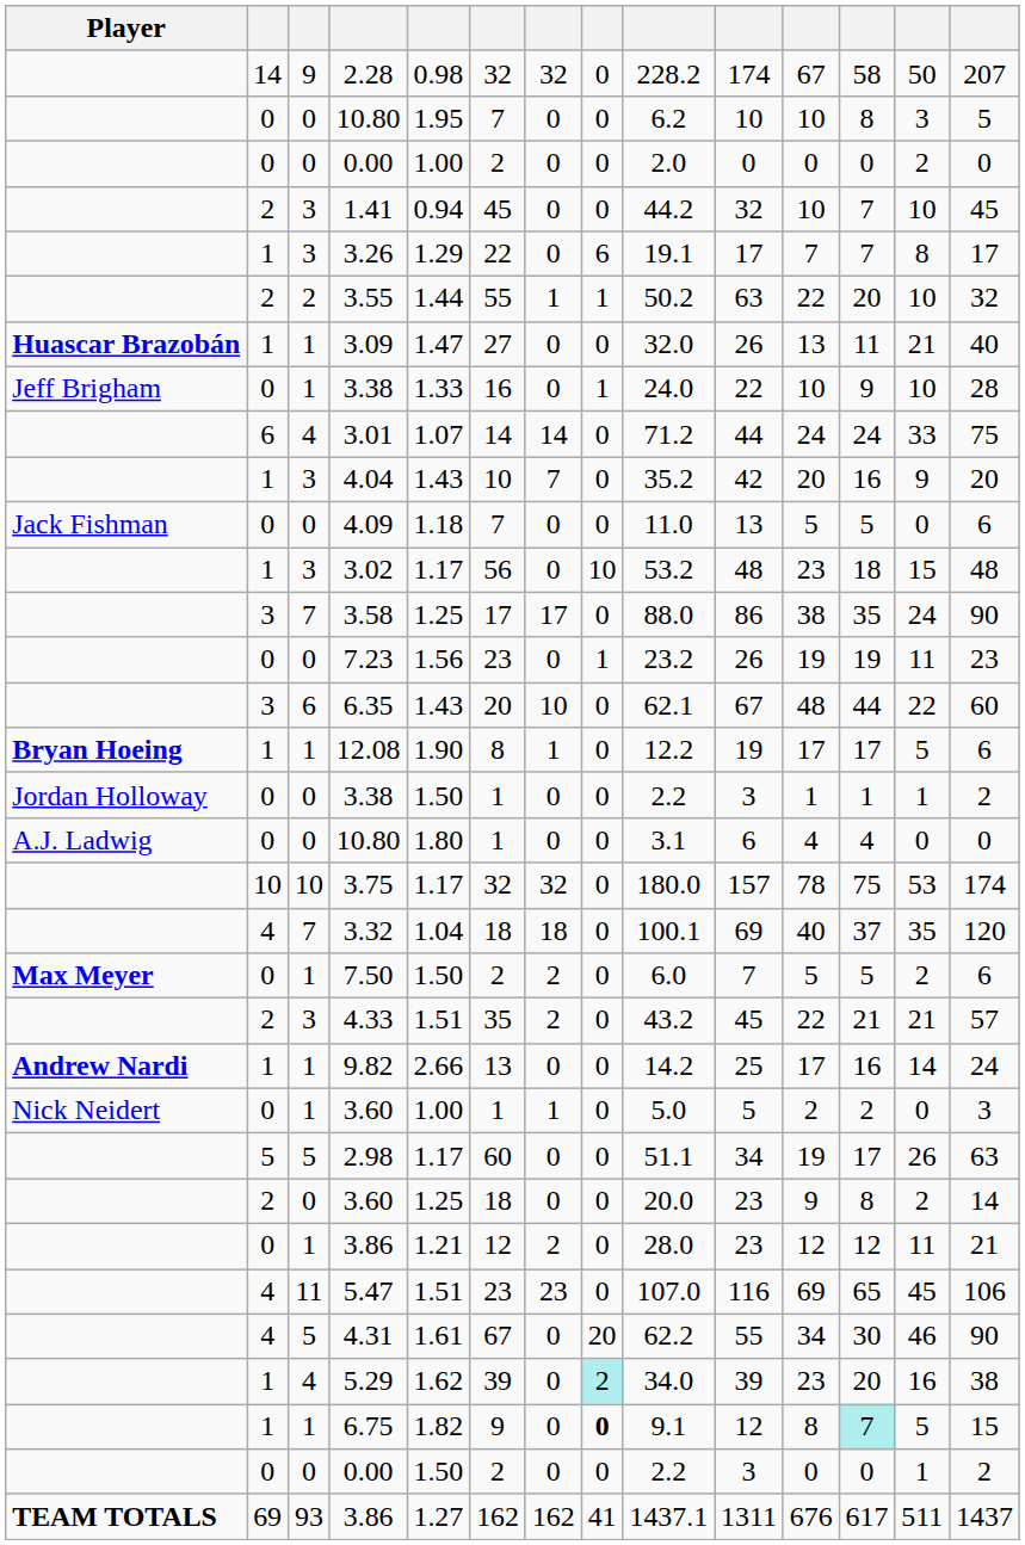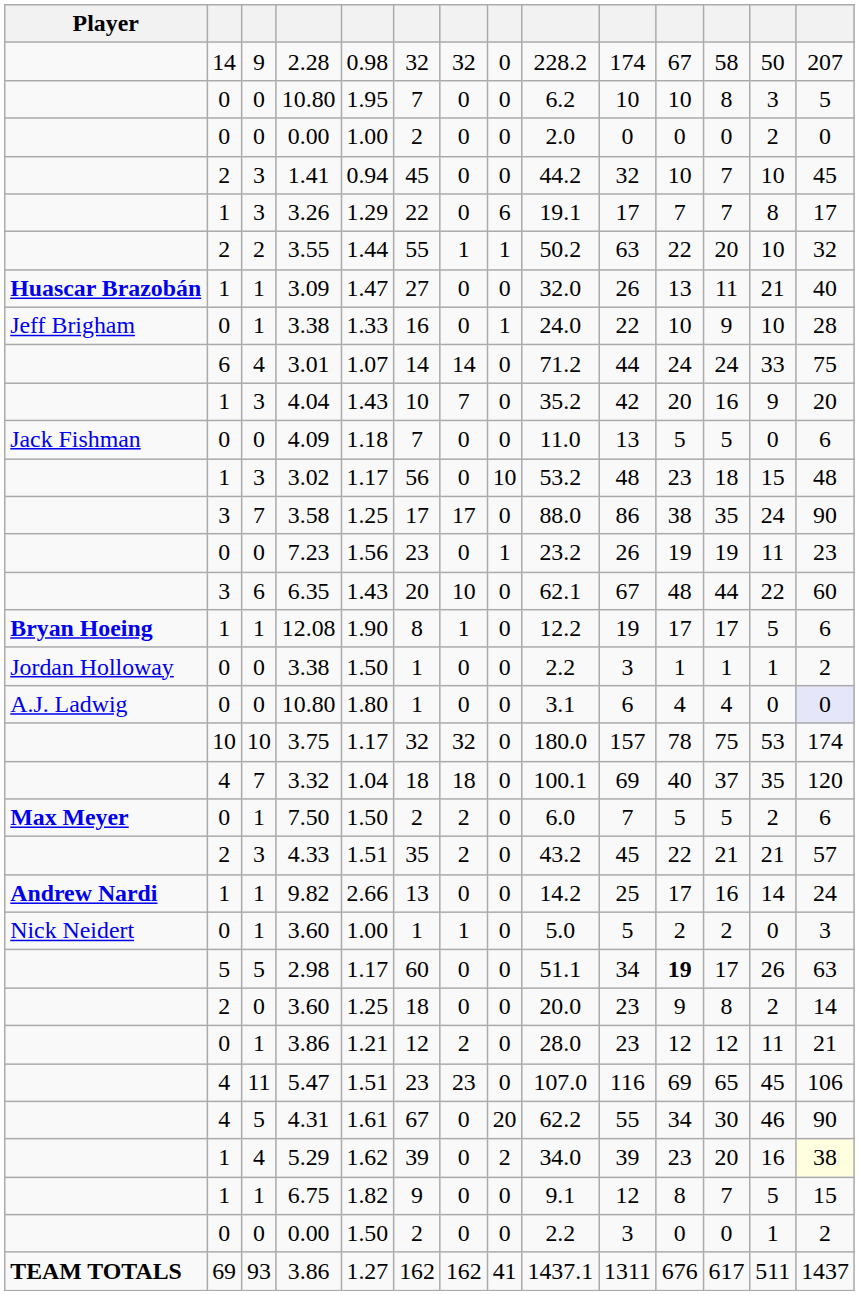 <table class="wikitable sortable" style="text-align:center;">
 <tr>
 <th>Player</th>
 <th></th>
 <th></th>
 <th></th>
 <th></th>
 <th></th>
 <th></th>
 <th></th>
 <th></th>
 <th></th>
 <th></th>
 <th></th>
 <th></th>
 <th></th>
 </tr>
 <tr>
 <td align=left><strong></strong></td>
 <td>14</td>
 <td>9</td>
 <td>2.28</td>
 <td>0.98</td>
 <td>32</td>
 <td>32</td>
 <td>0</td>
 <td>228.2</td>
 <td>174</td>
 <td>67</td>
 <td>58</td>
 <td>50</td>
 <td>207</td>
 </tr>
 <tr>
 <td align=left></td>
 <td>0</td>
 <td>0</td>
 <td>10.80</td>
 <td>1.95</td>
 <td>7</td>
 <td>0</td>
 <td>0</td>
 <td>6.2</td>
 <td>10</td>
 <td>10</td>
 <td>8</td>
 <td>3</td>
 <td>5</td>
 </tr>
 <tr>
 <td align=left><strong></strong></td>
 <td>0</td>
 <td>0</td>
 <td>0.00</td>
 <td>1.00</td>
 <td>2</td>
 <td>0</td>
 <td>0</td>
 <td>2.0</td>
 <td>0</td>
 <td>0</td>
 <td>0</td>
 <td>2</td>
 <td>0</td>
 </tr>
 <tr>
 <td align=left><strong></strong></td>
 <td>2</td>
 <td>3</td>
 <td>1.41</td>
 <td>0.94</td>
 <td>45</td>
 <td>0</td>
 <td>0</td>
 <td>44.2</td>
 <td>32</td>
 <td>10</td>
 <td>7</td>
 <td>10</td>
 <td>45</td>
 </tr>
 <tr>
 <td align=left></td>
 <td>1</td>
 <td>3</td>
 <td>3.26</td>
 <td>1.29</td>
 <td>22</td>
 <td>0</td>
 <td>6</td>
 <td>19.1</td>
 <td>17</td>
 <td>7</td>
 <td>7</td>
 <td>8</td>
 <td>17</td>
 </tr>
 <tr>
 <td align=left><strong></strong></td>
 <td>2</td>
 <td>2</td>
 <td>3.55</td>
 <td>1.44</td>
 <td>55</td>
 <td>1</td>
 <td>1</td>
 <td>50.2</td>
 <td>63</td>
 <td>22</td>
 <td>20</td>
 <td>10</td>
 <td>32</td>
 </tr>
 <tr>
 <td align=left><strong><a href='#'>Huascar Brazobán</a></strong></td>
 <td>1</td>
 <td>1</td>
 <td>3.09</td>
 <td>1.47</td>
 <td>27</td>
 <td>0</td>
 <td>0</td>
 <td>32.0</td>
 <td>26</td>
 <td>13</td>
 <td>11</td>
 <td>21</td>
 <td>40</td>
 </tr>
 <tr>
 <td align=left><a href='#'>Jeff Brigham</a></td>
 <td>0</td>
 <td>1</td>
 <td>3.38</td>
 <td>1.33</td>
 <td>16</td>
 <td>0</td>
 <td>1</td>
 <td>24.0</td>
 <td>22</td>
 <td>10</td>
 <td>9</td>
 <td>10</td>
 <td>28</td>
 </tr>
 <tr>
 <td align=left></td>
 <td>6</td>
 <td>4</td>
 <td>3.01</td>
 <td>1.07</td>
 <td>14</td>
 <td>14</td>
 <td>0</td>
 <td>71.2</td>
 <td>44</td>
 <td>24</td>
 <td>24</td>
 <td>33</td>
 <td>75</td>
 </tr>
 <tr>
 <td align=left><strong></strong></td>
 <td>1</td>
 <td>3</td>
 <td>4.04</td>
 <td>1.43</td>
 <td>10</td>
 <td>7</td>
 <td>0</td>
 <td>35.2</td>
 <td>42</td>
 <td>20</td>
 <td>16</td>
 <td>9</td>
 <td>20</td>
 </tr>
 <tr>
 <td align=left><a href='#'>Jack Fishman</a></td>
 <td>0</td>
 <td>0</td>
 <td>4.09</td>
 <td>1.18</td>
 <td>7</td>
 <td>0</td>
 <td>0</td>
 <td>11.0</td>
 <td>13</td>
 <td>5</td>
 <td>5</td>
 <td>0</td>
 <td>6</td>
 </tr>
 <tr>
 <td align=left><strong></strong></td>
 <td>1</td>
 <td>3</td>
 <td>3.02</td>
 <td>1.17</td>
 <td>56</td>
 <td>0</td>
 <td>10</td>
 <td>53.2</td>
 <td>48</td>
 <td>23</td>
 <td>18</td>
 <td>15</td>
 <td>48</td>
 </tr>
 <tr>
 <td align=left><strong></strong></td>
 <td>3</td>
 <td>7</td>
 <td>3.58</td>
 <td>1.25</td>
 <td>17</td>
 <td>17</td>
 <td>0</td>
 <td>88.0</td>
 <td>86</td>
 <td>38</td>
 <td>35</td>
 <td>24</td>
 <td>90</td>
 </tr>
 <tr>
 <td align=left><strong></strong></td>
 <td>0</td>
 <td>0</td>
 <td>7.23</td>
 <td>1.56</td>
 <td>23</td>
 <td>0</td>
 <td>1</td>
 <td>23.2</td>
 <td>26</td>
 <td>19</td>
 <td>19</td>
 <td>11</td>
 <td>23</td>
 </tr>
 <tr>
 <td align=left></td>
 <td>3</td>
 <td>6</td>
 <td>6.35</td>
 <td>1.43</td>
 <td>20</td>
 <td>10</td>
 <td>0</td>
 <td>62.1</td>
 <td>67</td>
 <td>48</td>
 <td>44</td>
 <td>22</td>
 <td>60</td>
 </tr>
 <tr>
 <td align=left><strong><a href='#'>Bryan Hoeing</a></strong></td>
 <td>1</td>
 <td>1</td>
 <td>12.08</td>
 <td>1.90</td>
 <td>8</td>
 <td>1</td>
 <td>0</td>
 <td>12.2</td>
 <td>19</td>
 <td>17</td>
 <td>17</td>
 <td>5</td>
 <td>6</td>
 </tr>
 <tr>
 <td align=left><a href='#'>Jordan Holloway</a></td>
 <td>0</td>
 <td>0</td>
 <td>3.38</td>
 <td>1.50</td>
 <td>1</td>
 <td>0</td>
 <td>0</td>
 <td>2.2</td>
 <td>3</td>
 <td>1</td>
 <td>1</td>
 <td>1</td>
 <td>2</td>
 </tr>
 <tr>
 <td align=left><a href='#'>A.J. Ladwig</a></td>
 <td>0</td>
 <td>0</td>
 <td>10.80</td>
 <td>1.80</td>
 <td>1</td>
 <td>0</td>
 <td>0</td>
 <td>3.1</td>
 <td>6</td>
 <td>4</td>
 <td>4</td>
 <td>0</td>
-<td>0</td>
+<td style="background: lavender;">0</td>
 </tr>
 <tr>
 <td align=left><strong></strong></td>
 <td>10</td>
 <td>10</td>
 <td>3.75</td>
 <td>1.17</td>
 <td>32</td>
 <td>32</td>
 <td>0</td>
 <td>180.0</td>
 <td>157</td>
 <td>78</td>
 <td>75</td>
 <td>53</td>
 <td>174</td>
 </tr>
 <tr>
 <td align=left></td>
 <td>4</td>
 <td>7</td>
 <td>3.32</td>
 <td>1.04</td>
 <td>18</td>
 <td>18</td>
 <td>0</td>
 <td>100.1</td>
 <td>69</td>
 <td>40</td>
 <td>37</td>
 <td>35</td>
 <td>120</td>
 </tr>
 <tr>
 <td align=left><strong><a href='#'>Max Meyer</a></strong></td>
 <td>0</td>
 <td>1</td>
 <td>7.50</td>
 <td>1.50</td>
 <td>2</td>
 <td>2</td>
 <td>0</td>
 <td>6.0</td>
 <td>7</td>
 <td>5</td>
 <td>5</td>
 <td>2</td>
 <td>6</td>
 </tr>
 <tr>
 <td align=left><strong></strong></td>
 <td>2</td>
 <td>3</td>
 <td>4.33</td>
 <td>1.51</td>
 <td>35</td>
 <td>2</td>
 <td>0</td>
 <td>43.2</td>
 <td>45</td>
 <td>22</td>
 <td>21</td>
 <td>21</td>
 <td>57</td>
 </tr>
 <tr>
 <td align=left><strong><a href='#'>Andrew Nardi</a></strong></td>
 <td>1</td>
 <td>1</td>
 <td>9.82</td>
 <td>2.66</td>
 <td>13</td>
 <td>0</td>
 <td>0</td>
 <td>14.2</td>
 <td>25</td>
 <td>17</td>
 <td>16</td>
 <td>14</td>
 <td>24</td>
 </tr>
 <tr>
 <td align=left><a href='#'>Nick Neidert</a></td>
 <td>0</td>
 <td>1</td>
 <td>3.60</td>
 <td>1.00</td>
 <td>1</td>
 <td>1</td>
 <td>0</td>
 <td>5.0</td>
 <td>5</td>
 <td>2</td>
 <td>2</td>
 <td>0</td>
 <td>3</td>
 </tr>
 <tr>
 <td align=left><strong></strong></td>
 <td>5</td>
 <td>5</td>
 <td>2.98</td>
 <td>1.17</td>
 <td>60</td>
 <td>0</td>
 <td>0</td>
 <td>51.1</td>
 <td>34</td>
-<td>19</td>
+<td><strong>19</strong></td>
 <td>17</td>
 <td>26</td>
 <td>63</td>
 </tr>
 <tr>
 <td align=left></td>
 <td>2</td>
 <td>0</td>
 <td>3.60</td>
 <td>1.25</td>
 <td>18</td>
 <td>0</td>
 <td>0</td>
 <td>20.0</td>
 <td>23</td>
 <td>9</td>
 <td>8</td>
 <td>2</td>
 <td>14</td>
 </tr>
 <tr>
 <td align=left></td>
 <td>0</td>
 <td>1</td>
 <td>3.86</td>
 <td>1.21</td>
 <td>12</td>
 <td>2</td>
 <td>0</td>
 <td>28.0</td>
 <td>23</td>
 <td>12</td>
 <td>12</td>
 <td>11</td>
 <td>21</td>
 </tr>
 <tr>
 <td align=left><strong></strong></td>
 <td>4</td>
 <td>11</td>
 <td>5.47</td>
 <td>1.51</td>
 <td>23</td>
 <td>23</td>
 <td>0</td>
 <td>107.0</td>
 <td>116</td>
 <td>69</td>
 <td>65</td>
 <td>45</td>
 <td>106</td>
 </tr>
 <tr>
 <td align=left><strong></strong></td>
 <td>4</td>
 <td>5</td>
 <td>4.31</td>
 <td>1.61</td>
 <td>67</td>
 <td>0</td>
 <td>20</td>
 <td>62.2</td>
 <td>55</td>
 <td>34</td>
 <td>30</td>
 <td>46</td>
 <td>90</td>
 </tr>
 <tr>
 <td align=left></td>
 <td>1</td>
 <td>4</td>
 <td>5.29</td>
 <td>1.62</td>
 <td>39</td>
 <td>0</td>
-<td style="background: paleturquoise;">2</td>
+<td>2</td>
 <td>34.0</td>
 <td>39</td>
 <td>23</td>
 <td>20</td>
 <td>16</td>
-<td>38</td>
+<td style="background: lightyellow;">38</td>
 </tr>
 <tr>
 <td align=left><strong></strong></td>
 <td>1</td>
 <td>1</td>
 <td>6.75</td>
 <td>1.82</td>
 <td>9</td>
 <td>0</td>
-<td><strong>0</strong></td>
+<td>0</td>
 <td>9.1</td>
 <td>12</td>
 <td>8</td>
-<td style="background: paleturquoise;">7</td>
+<td>7</td>
 <td>5</td>
 <td>15</td>
 </tr>
 <tr>
 <td align=left></td>
 <td>0</td>
 <td>0</td>
 <td>0.00</td>
 <td>1.50</td>
 <td>2</td>
 <td>0</td>
 <td>0</td>
 <td>2.2</td>
 <td>3</td>
 <td>0</td>
 <td>0</td>
 <td>1</td>
 <td>2</td>
 </tr>
 <tr class="sortbottom">
 <td align="left"><strong>TEAM TOTALS</strong></td>
 <td>69</td>
 <td>93</td>
 <td>3.86</td>
 <td>1.27</td>
 <td>162</td>
 <td>162</td>
 <td>41</td>
 <td>1437.1</td>
 <td>1311</td>
 <td>676</td>
 <td>617</td>
 <td>511</td>
 <td>1437</td>
 </tr>
 </table>
